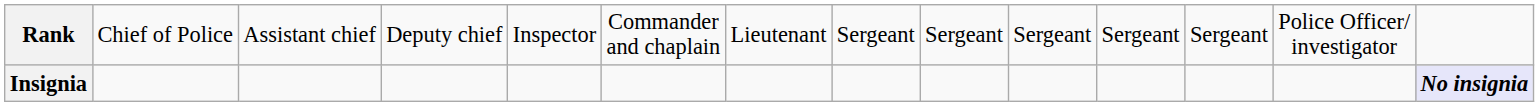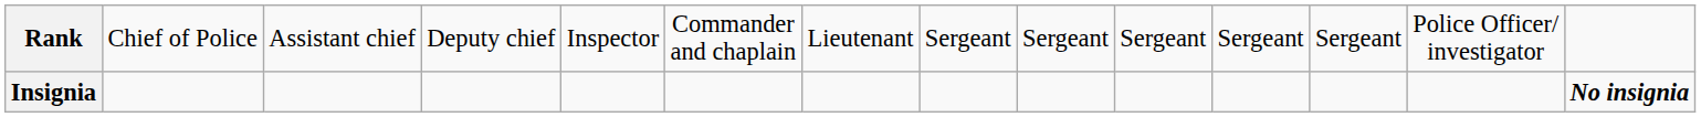 <table class="wikitable">
 <tr style="text-align:center;">
 <th>Rank</th>
 <td>Chief of Police</td>
 <td>Assistant chief</td>
 <td>Deputy chief</td>
 <td>Inspector</td>
 <td>Commander<br>and chaplain</td>
 <td>Lieutenant</td>
 <td>Sergeant<br></td>
 <td>Sergeant<br></td>
 <td>Sergeant<br></td>
 <td>Sergeant<br></td>
 <td>Sergeant</td>
 <td>Police Officer/<br>investigator</td>
 </tr>
 <tr style="text-align:center;">
 <th>Insignia</th>
 <td></td>
 <td></td>
 <td></td>
 <td></td>
 <td></td>
 <td></td>
 <td></td>
 <td></td>
 <td></td>
 <td></td>
 <td></td>
 <td></td>
-<td style="background: lavender;"><strong><em>No insignia</em></strong></td>
+<td><strong><em>No insignia</em></strong></td>
 </tr>
 </table>
